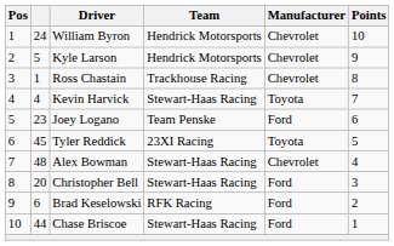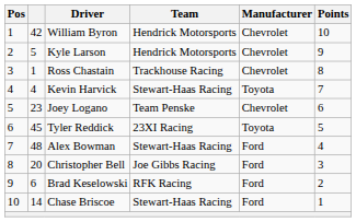 <table class="wikitable" style="font-size:98%">
 <tr>
 <th>Pos</th>
 <th></th>
 <th>Driver</th>
 <th>Team</th>
 <th>Manufacturer</th>
 <th>Points</th>
 </tr>
 <tr>
 <td>1</td>
-<td>24</td>
+<td>42</td>
 <td>William Byron</td>
 <td>Hendrick Motorsports</td>
 <td>Chevrolet</td>
 <td>10</td>
 </tr>
 <tr>
 <td>2</td>
 <td>5</td>
 <td>Kyle Larson</td>
 <td>Hendrick Motorsports</td>
 <td>Chevrolet</td>
 <td>9</td>
 </tr>
 <tr>
 <td>3</td>
 <td>1</td>
 <td>Ross Chastain</td>
 <td>Trackhouse Racing</td>
 <td>Chevrolet</td>
 <td>8</td>
 </tr>
 <tr>
 <td>4</td>
 <td>4</td>
 <td>Kevin Harvick</td>
 <td>Stewart-Haas Racing</td>
 <td>Toyota</td>
 <td>7</td>
 </tr>
 <tr>
 <td>5</td>
 <td>23</td>
 <td>Joey Logano</td>
 <td>Team Penske</td>
-<td>Ford</td>
+<td>Chevrolet</td>
 <td>6</td>
 </tr>
 <tr>
 <td>6</td>
 <td>45</td>
 <td>Tyler Reddick</td>
 <td>23XI Racing</td>
 <td>Toyota</td>
 <td>5</td>
 </tr>
 <tr>
 <td>7</td>
 <td>48</td>
 <td>Alex Bowman</td>
 <td>Stewart-Haas Racing</td>
-<td>Chevrolet</td>
+<td>Ford</td>
 <td>4</td>
 </tr>
 <tr>
 <td>8</td>
 <td>20</td>
 <td>Christopher Bell</td>
-<td>Stewart-Haas Racing</td>
+<td>Joe Gibbs Racing</td>
 <td>Ford</td>
 <td>3</td>
 </tr>
 <tr>
 <td>9</td>
 <td>6</td>
 <td>Brad Keselowski</td>
 <td>RFK Racing</td>
 <td>Ford</td>
 <td>2</td>
 </tr>
 <tr>
 <td>10</td>
-<td>44</td>
+<td>14</td>
 <td>Chase Briscoe</td>
 <td>Stewart-Haas Racing</td>
 <td>Ford</td>
 <td>1</td>
 </tr>
 <tr>
 <th colspan="6"></th>
 </tr>
 </table>
